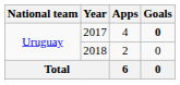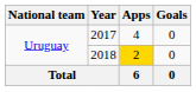 <table class=wikitable style="text-align: center;">
 <tr>
 <th>National team</th>
 <th>Year</th>
 <th>Apps</th>
 <th>Goals</th>
 </tr>
 <tr>
 <td rowspan=2><a href='#'>Uruguay</a></td>
 <td>2017</td>
 <td>4</td>
-<td><strong>0</strong></td>
+<td>0</td>
 </tr>
 <tr>
 <td>2018</td>
-<td>2</td>
+<td style="background: gold;">2</td>
 <td>0</td>
 </tr>
 <tr>
 <th colspan=2>Total</th>
 <th>6</th>
 <th>0</th>
 </tr>
 </table>
